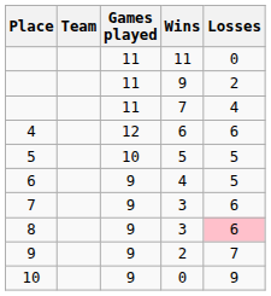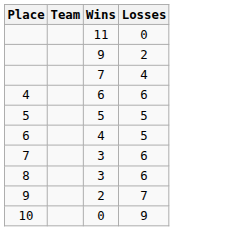 <table class="wikitable" style="text-align:center;">
 <tr>
 <th>Place</th>
 <th>Team</th>
-<th>Games<br>played</th>
 <th>Wins</th>
 <th>Losses</th>
 </tr>
 <tr>
 <td></td>
 <td align=left></td>
 <td>11</td>
-<td>11</td>
 <td>0</td>
 </tr>
 <tr>
 <td></td>
 <td align=left></td>
-<td>11</td>
 <td>9</td>
 <td>2</td>
 </tr>
 <tr>
 <td></td>
 <td align=left></td>
-<td>11</td>
 <td>7</td>
 <td>4</td>
 </tr>
 <tr>
 <td>4</td>
 <td align=left></td>
-<td>12</td>
 <td>6</td>
 <td>6</td>
 </tr>
 <tr>
 <td>5</td>
 <td align=left></td>
-<td>10</td>
 <td>5</td>
 <td>5</td>
 </tr>
 <tr>
 <td>6</td>
 <td align=left></td>
-<td>9</td>
 <td>4</td>
 <td>5</td>
 </tr>
 <tr>
 <td>7</td>
 <td align=left></td>
-<td>9</td>
 <td>3</td>
 <td>6</td>
 </tr>
 <tr>
 <td>8</td>
 <td align=left></td>
-<td>9</td>
 <td>3</td>
-<td style="background: pink;">6</td>
+<td>6</td>
 </tr>
 <tr>
 <td>9</td>
 <td align=left></td>
-<td>9</td>
 <td>2</td>
 <td>7</td>
 </tr>
 <tr>
 <td>10</td>
 <td align=left></td>
-<td>9</td>
 <td>0</td>
 <td>9</td>
 </tr>
 </table>
